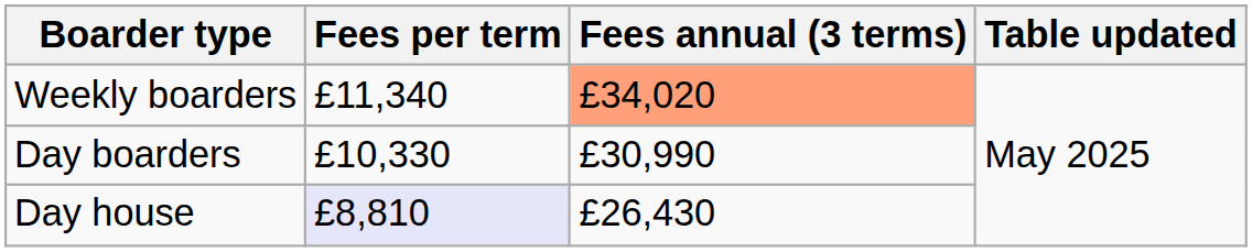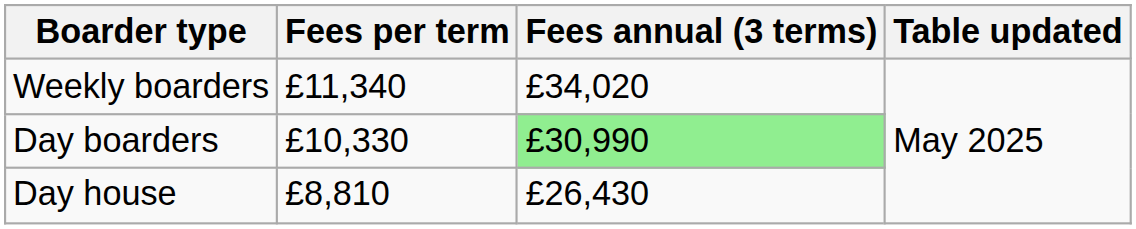 <table class="wikitable">
 <tr>
 <th>Boarder type</th>
 <th>Fees per term</th>
 <th>Fees annual (3 terms)</th>
 <th>Table updated</th>
 </tr>
 <tr>
 <td>Weekly boarders</td>
 <td>£11,340</td>
-<td style="background: lightsalmon;">£34,020</td>
+<td>£34,020</td>
 <td rowspan="3">May 2025</td>
 </tr>
 <tr>
 <td>Day boarders</td>
 <td>£10,330</td>
-<td>£30,990</td>
+<td style="background: lightgreen;">£30,990</td>
 </tr>
 <tr>
 <td>Day house</td>
-<td style="background: lavender;">£8,810</td>
+<td>£8,810</td>
 <td>£26,430</td>
 </tr>
 </table>
